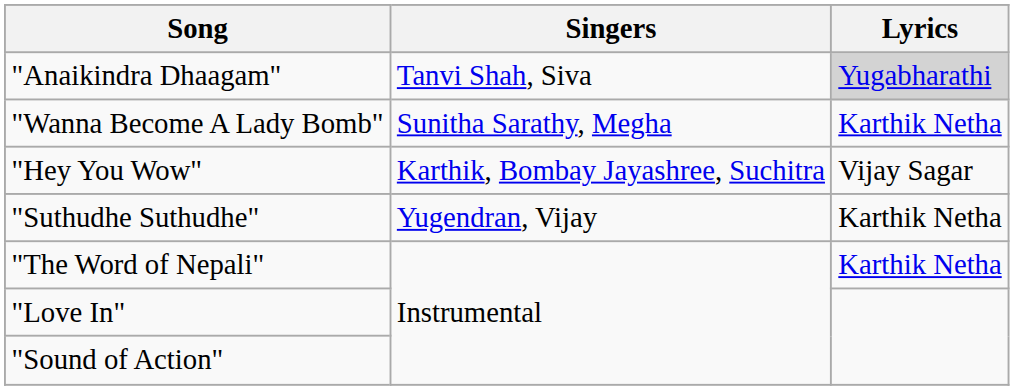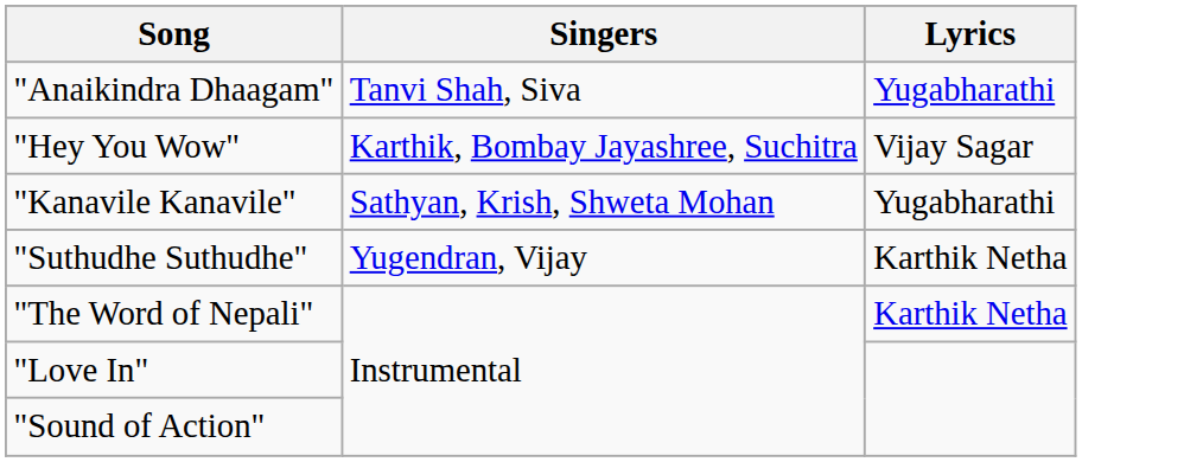 <table class="wikitable" style="font-size:95%;">
 <tr>
 <th>Song</th>
 <th>Singers</th>
 <th>Lyrics</th>
 </tr>
 <tr>
 <td>"Anaikindra Dhaagam"</td>
 <td><a href='#'>Tanvi Shah</a>, Siva</td>
-<td style="background: lightgrey;"><a href='#'>Yugabharathi</a></td>
-</tr>
-<tr>
-<td>"Wanna Become A Lady Bomb"</td>
-<td><a href='#'>Sunitha Sarathy</a>, <a href='#'>Megha</a></td>
-<td><a href='#'>Karthik Netha</a></td>
+<td><a href='#'>Yugabharathi</a></td>
 </tr>
 <tr>
 <td>"Hey You Wow"</td>
 <td><a href='#'>Karthik</a>, <a href='#'>Bombay Jayashree</a>, <a href='#'>Suchitra</a></td>
 <td>Vijay Sagar</td>
+</tr>
+<tr>
+<td>"Kanavile Kanavile"</td>
+<td><a href='#'>Sathyan</a>, <a href='#'>Krish</a>, <a href='#'>Shweta Mohan</a></td>
+<td>Yugabharathi</td>
 </tr>
 <tr>
 <td>"Suthudhe Suthudhe"</td>
 <td><a href='#'>Yugendran</a>, Vijay</td>
 <td>Karthik Netha</td>
 </tr>
 <tr>
 <td>"The Word of Nepali"</td>
 <td rowspan=3>Instrumental</td>
 <td><a href='#'>Karthik Netha</a></td>
 </tr>
 <tr>
 <td>"Love In"</td>
 </tr>
 <tr>
 <td>"Sound of Action"</td>
 </tr>
 </table>
